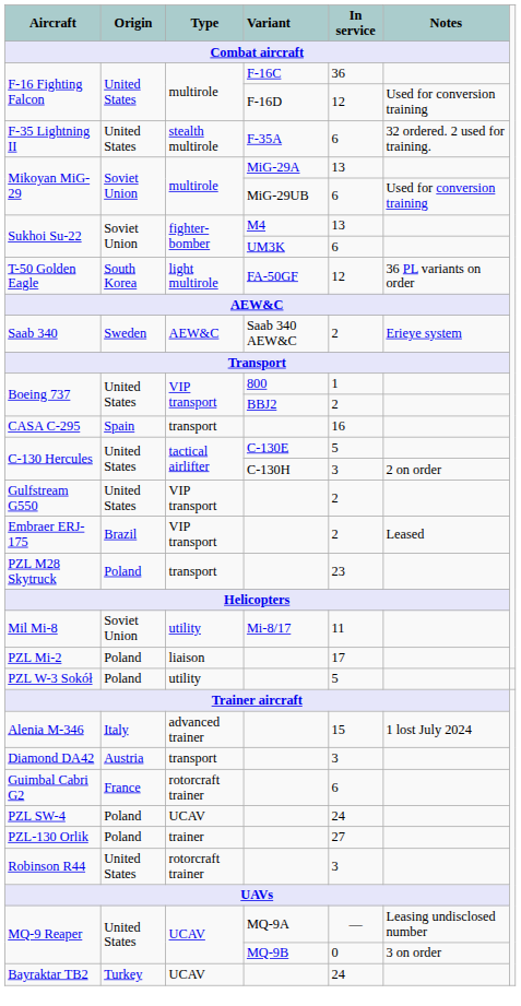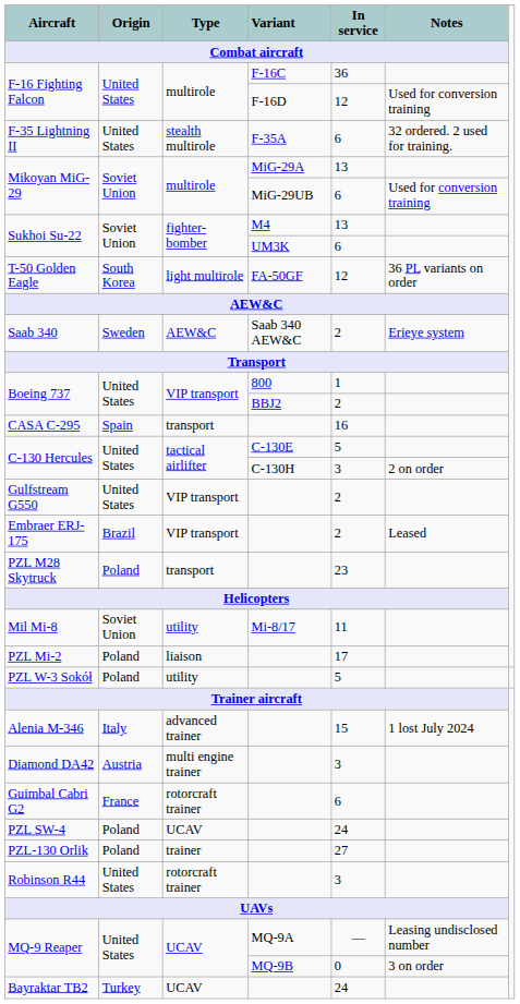 <table class="wikitable">
 <tr>
 <th style="text-align:center; background:#acc;">Aircraft</th>
 <th style="text-align:center; background:#acc;">Origin</th>
 <th style="text-align:center; background:#acc;">Type</th>
 <th style="text-align:left; background:#acc;">Variant</th>
 <th style="text-align:center; background:#acc;">In service</th>
 <th style="text-align:center; background:#acc;">Notes</th>
 </tr>
 <tr>
 <th style="align: center; background: lavender;" colspan="6"><a href='#'>Combat aircraft</a></th>
 </tr>
 <tr>
 <td rowspan="2"><a href='#'>F-16 Fighting Falcon</a></td>
 <td rowspan="2"><a href='#'>United States</a></td>
 <td rowspan="2">multirole</td>
 <td><a href='#'>F-16C</a></td>
 <td>36</td>
 <td></td>
 </tr>
 <tr>
 <td>F-16D</td>
 <td>12</td>
 <td>Used for conversion training</td>
 </tr>
 <tr>
 <td><a href='#'>F-35 Lightning II</a></td>
 <td>United States</td>
 <td><a href='#'>stealth</a> multirole</td>
 <td><a href='#'>F-35A</a></td>
 <td>6</td>
 <td>32 ordered. 2 used for training.</td>
 </tr>
 <tr>
 <td rowspan="2"><a href='#'>Mikoyan MiG-29</a></td>
 <td rowspan="2"><a href='#'>Soviet Union</a></td>
 <td rowspan="2"><a href='#'>multirole</a></td>
 <td><a href='#'>MiG-29A</a></td>
 <td>13</td>
 <td></td>
 </tr>
 <tr>
 <td>MiG-29UB</td>
 <td>6</td>
 <td>Used for <a href='#'> conversion training</a></td>
 </tr>
 <tr>
 <td rowspan="2"><a href='#'>Sukhoi Su-22</a></td>
 <td rowspan="2">Soviet Union</td>
 <td rowspan="2"><a href='#'>fighter-bomber</a></td>
 <td><a href='#'> M4</a></td>
 <td>13</td>
 <td></td>
 </tr>
 <tr>
 <td><a href='#'> UM3K</a></td>
 <td>6</td>
 <td></td>
 </tr>
 <tr>
 <td><a href='#'>T-50 Golden Eagle</a></td>
 <td><a href='#'>South Korea</a></td>
 <td><a href='#'>light multirole</a></td>
 <td><a href='#'>FA-50GF</a></td>
 <td>12</td>
 <td>36 <a href='#'>PL</a> variants on order</td>
 </tr>
 <tr>
 <th style="align: center; background: lavender;" colspan="6"><a href='#'>AEW&C</a></th>
 </tr>
 <tr>
 <td><a href='#'>Saab 340</a></td>
 <td><a href='#'>Sweden</a></td>
 <td><a href='#'>AEW&C</a></td>
 <td>Saab 340 AEW&C</td>
 <td>2</td>
 <td><a href='#'>Erieye system</a></td>
 </tr>
 <tr>
 <th style="align: center; background: lavender;" colspan="6"><a href='#'>Transport</a></th>
 </tr>
 <tr>
 <td rowspan=2><a href='#'>Boeing 737</a></td>
 <td rowspan=2>United States</td>
 <td rowspan=2><a href='#'>VIP transport</a></td>
 <td><a href='#'>800</a></td>
 <td>1</td>
 <td></td>
 </tr>
 <tr>
 <td><a href='#'>BBJ2</a></td>
 <td>2</td>
 <td></td>
 </tr>
 <tr>
 <td><a href='#'>CASA C-295</a></td>
 <td><a href='#'>Spain</a></td>
 <td>transport</td>
 <td></td>
 <td>16</td>
 <td></td>
 </tr>
 <tr>
 <td rowspan="2"><a href='#'>C-130 Hercules</a></td>
 <td rowspan="2">United States</td>
 <td rowspan="2"><a href='#'>tactical airlifter</a></td>
 <td><a href='#'>C-130E</a></td>
 <td>5</td>
 <td></td>
 </tr>
 <tr>
 <td>C-130H</td>
 <td>3</td>
 <td>2 on order</td>
 </tr>
 <tr>
 <td><a href='#'>Gulfstream G550</a></td>
 <td>United States</td>
 <td>VIP transport</td>
 <td></td>
 <td>2</td>
 <td></td>
 </tr>
 <tr>
 <td><a href='#'>Embraer ERJ-175</a></td>
 <td><a href='#'>Brazil</a></td>
 <td>VIP transport</td>
 <td></td>
 <td>2</td>
 <td>Leased</td>
 </tr>
 <tr>
 <td><a href='#'>PZL M28 Skytruck</a></td>
 <td><a href='#'>Poland</a></td>
 <td>transport</td>
 <td></td>
 <td>23</td>
 <td></td>
 </tr>
 <tr>
 <th style="align: center; background: lavender;" colspan="6"><a href='#'>Helicopters</a></th>
 </tr>
 <tr>
 <td><a href='#'>Mil Mi-8</a></td>
 <td>Soviet Union</td>
 <td><a href='#'>utility</a></td>
 <td><a href='#'>Mi-8/17</a></td>
 <td>11</td>
 <td></td>
 </tr>
 <tr>
 <td><a href='#'>PZL Mi-2</a></td>
 <td>Poland</td>
 <td>liaison</td>
 <td></td>
 <td>17</td>
 <td></td>
 </tr>
 <tr>
 <td><a href='#'>PZL W-3 Sokół</a></td>
 <td>Poland</td>
 <td>utility</td>
 <td></td>
 <td>5</td>
 <td></td>
 <td></td>
 </tr>
 <tr>
 <th style="align: center; background: lavender;" colspan="6"><a href='#'>Trainer aircraft</a></th>
 </tr>
 <tr>
 <td><a href='#'>Alenia M-346</a></td>
 <td><a href='#'>Italy</a></td>
 <td>advanced trainer</td>
 <td></td>
 <td>15</td>
 <td>1 lost July 2024</td>
 </tr>
 <tr>
 <td><a href='#'>Diamond DA42</a></td>
 <td><a href='#'>Austria</a></td>
-<td>transport</td>
+<td>multi engine trainer</td>
 <td></td>
 <td>3</td>
 <td></td>
 </tr>
 <tr>
 <td><a href='#'>Guimbal Cabri G2</a></td>
 <td><a href='#'>France</a></td>
 <td>rotorcraft trainer</td>
 <td></td>
 <td>6</td>
 <td></td>
 </tr>
 <tr>
 <td><a href='#'>PZL SW-4</a></td>
 <td>Poland</td>
 <td>UCAV</td>
 <td></td>
 <td>24</td>
 <td></td>
 </tr>
 <tr>
 <td><a href='#'>PZL-130 Orlik</a></td>
 <td>Poland</td>
 <td>trainer</td>
 <td></td>
 <td>27</td>
 <td></td>
 </tr>
 <tr>
 <td><a href='#'>Robinson R44</a></td>
 <td>United States</td>
 <td>rotorcraft trainer</td>
 <td></td>
 <td>3</td>
 <td></td>
 </tr>
 <tr>
 <th style="align: center; background: lavender;" colspan="6"><a href='#'>UAVs</a></th>
 </tr>
 <tr>
 <td rowspan="2"><a href='#'> MQ-9 Reaper</a></td>
 <td rowspan="2">United States</td>
 <td rowspan="2"><a href='#'>UCAV</a></td>
 <td>MQ-9A</td>
 <td style="text-align: center;">—</td>
 <td>Leasing undisclosed number</td>
 </tr>
 <tr>
 <td><a href='#'>MQ-9B</a></td>
 <td>0</td>
 <td>3 on order</td>
 </tr>
 <tr>
 <td><a href='#'>Bayraktar TB2</a></td>
 <td><a href='#'>Turkey</a></td>
 <td>UCAV</td>
 <td></td>
 <td>24</td>
 <td></td>
 </tr>
 </table>
